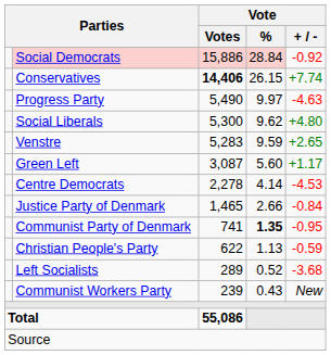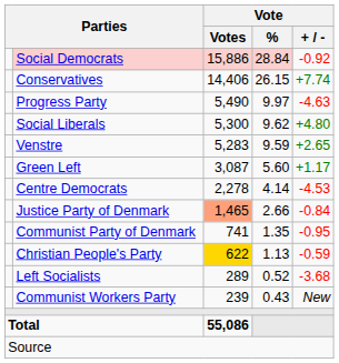 <table class="wikitable" style="text-align:right;">
 <tr>
 <th style="text-align:centre;" rowspan="2" colspan="2" width="225">Parties</th>
 <th colspan="3">Vote</th>
 </tr>
 <tr>
 <th width="15">Votes</th>
 <th width="15">%</th>
 <th width="15">+ / -</th>
 </tr>
 <tr>
 <td width="2" style="color:inherit;background:"></td>
 <td bgcolor=#fbd0ce  align="left"><a href='#'>Social Democrats</a></td>
 <td bgcolor=#fbd0ce>15,886</td>
 <td bgcolor=#fbd0ce>28.84</td>
 <td style=color:red;>-0.92</td>
 </tr>
 <tr>
 <td width="2" style="color:inherit;background:"></td>
 <td align="left"><a href='#'>Conservatives</a></td>
-<td><strong>14,406</strong></td>
+<td>14,406</td>
 <td>26.15</td>
 <td style=color:green;>+7.74</td>
 </tr>
 <tr>
 <td width="2" style="color:inherit;background:"></td>
 <td align="left"><a href='#'>Progress Party</a></td>
 <td>5,490</td>
 <td>9.97</td>
 <td style=color:red;>-4.63</td>
 </tr>
 <tr>
 <td width="2" style="color:inherit;background:"></td>
 <td align="left"><a href='#'>Social Liberals</a></td>
 <td>5,300</td>
 <td>9.62</td>
 <td style=color:green;>+4.80</td>
 </tr>
 <tr>
 <td width="2" style="color:inherit;background:"></td>
 <td align="left"><a href='#'>Venstre</a></td>
 <td>5,283</td>
 <td>9.59</td>
 <td style=color:green;>+2.65</td>
 </tr>
 <tr>
 <td width="2" style="color:inherit;background:"></td>
 <td align="left"><a href='#'>Green Left</a></td>
 <td>3,087</td>
 <td>5.60</td>
 <td style=color:green;>+1.17</td>
 </tr>
 <tr>
 <td width="2" style="color:inherit;background:"></td>
 <td align="left"><a href='#'>Centre Democrats</a></td>
 <td>2,278</td>
 <td>4.14</td>
 <td style=color:red;>-4.53</td>
 </tr>
 <tr>
 <td width="2" style="color:inherit;background:"></td>
 <td align="left"><a href='#'>Justice Party of Denmark</a></td>
-<td>1,465</td>
+<td style="background: lightsalmon;">1,465</td>
 <td>2.66</td>
 <td style=color:red;>-0.84</td>
 </tr>
 <tr>
 <td width="2" style="color:inherit;background:"></td>
 <td align="left"><a href='#'>Communist Party of Denmark</a></td>
 <td>741</td>
-<td><strong>1.35</strong></td>
+<td>1.35</td>
 <td style=color:red;>-0.95</td>
 </tr>
 <tr>
 <td width="2" style="color:inherit;background:"></td>
 <td align="left"><a href='#'>Christian People's Party</a></td>
-<td>622</td>
+<td style="background: gold;">622</td>
 <td>1.13</td>
 <td style=color:red;>-0.59</td>
 </tr>
 <tr>
 <td width="2" style="color:inherit;background:"></td>
 <td align="left"><a href='#'>Left Socialists</a></td>
 <td>289</td>
 <td>0.52</td>
 <td style=color:red;>-3.68</td>
 </tr>
 <tr>
 <td width="2" style="color:inherit;background:"></td>
 <td align="left"><a href='#'>Communist Workers Party</a></td>
 <td>239</td>
 <td>0.43</td>
 <td><em>New</em></td>
 </tr>
 <tr>
 <td colspan="7" bgcolor="#E9E9E9"></td>
 </tr>
 <tr>
 <td align="left" colspan="2"><strong>Total</strong></td>
 <td><strong>55,086</strong></td>
 <td bgcolor="#E9E9E9" colspan="2"></td>
 </tr>
 <tr>
 <td align="left" colspan="6">Source</td>
 </tr>
 </table>
